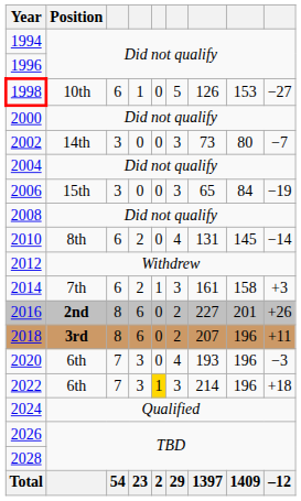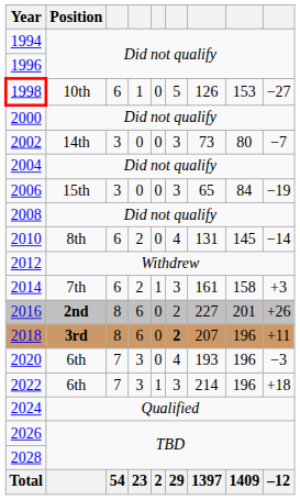 <table class="wikitable" style="text-align: center;">
 <tr>
 <th>Year</th>
 <th>Position</th>
 <th></th>
 <th></th>
 <th></th>
 <th></th>
 <th></th>
 <th></th>
 <th></th>
 </tr>
 <tr>
 <td> <a href='#'>1994</a></td>
 <td colspan=8 rowspan=2><em>Did not qualify</em></td>
 </tr>
 <tr>
 <td> <a href='#'>1996</a></td>
 </tr>
 <tr>
 <td style="border: 3px solid red"> <a href='#'>1998</a></td>
 <td>10th</td>
 <td>6</td>
 <td>1</td>
 <td>0</td>
 <td>5</td>
 <td>126</td>
 <td>153</td>
 <td>−27</td>
 </tr>
 <tr>
 <td> <a href='#'>2000</a></td>
 <td colspan=8><em>Did not qualify</em></td>
 </tr>
 <tr>
 <td> <a href='#'>2002</a></td>
 <td>14th</td>
 <td>3</td>
 <td>0</td>
 <td>0</td>
 <td>3</td>
 <td>73</td>
 <td>80</td>
 <td>−7</td>
 </tr>
 <tr>
 <td> <a href='#'>2004</a></td>
 <td colspan=8><em>Did not qualify</em></td>
 </tr>
 <tr>
 <td> <a href='#'>2006</a></td>
 <td>15th</td>
 <td>3</td>
 <td>0</td>
 <td>0</td>
 <td>3</td>
 <td>65</td>
 <td>84</td>
 <td>−19</td>
 </tr>
 <tr>
 <td> <a href='#'>2008</a></td>
 <td colspan=8><em>Did not qualify</em></td>
 </tr>
 <tr>
 <td> <a href='#'>2010</a></td>
 <td>8th</td>
 <td>6</td>
 <td>2</td>
 <td>0</td>
 <td>4</td>
 <td>131</td>
 <td>145</td>
 <td>−14</td>
 </tr>
 <tr>
 <td> <a href='#'>2012</a></td>
 <td colspan=8><em>Withdrew</em></td>
 </tr>
 <tr>
 <td> <a href='#'>2014</a></td>
 <td>7th</td>
 <td>6</td>
 <td>2</td>
 <td>1</td>
 <td>3</td>
 <td>161</td>
 <td>158</td>
 <td>+3</td>
 </tr>
 <tr bgcolor=silver>
 <td> <a href='#'>2016</a></td>
 <td><strong>2nd</strong> </td>
 <td>8</td>
 <td>6</td>
 <td>0</td>
 <td>2</td>
 <td>227</td>
 <td>201</td>
 <td>+26</td>
 </tr>
 <tr bgcolor=cc9966>
 <td> <a href='#'>2018</a></td>
 <td><strong>3rd</strong> </td>
 <td>8</td>
 <td>6</td>
 <td>0</td>
-<td>2</td>
+<td><strong>2</strong></td>
 <td>207</td>
 <td>196</td>
 <td>+11</td>
 </tr>
 <tr>
 <td> <a href='#'>2020</a></td>
 <td>6th</td>
 <td>7</td>
 <td>3</td>
 <td>0</td>
 <td>4</td>
 <td>193</td>
 <td>196</td>
 <td>−3</td>
 </tr>
 <tr>
 <td> <a href='#'>2022</a></td>
 <td>6th</td>
 <td>7</td>
 <td>3</td>
-<td style="background: gold;">1</td>
+<td>1</td>
 <td>3</td>
 <td>214</td>
 <td>196</td>
 <td>+18</td>
 </tr>
 <tr>
 <td> <a href='#'>2024</a></td>
 <td colspan=8><em>Qualified</em></td>
 </tr>
 <tr>
 <td> <a href='#'>2026</a></td>
 <td colspan=8 rowspan=2><em>TBD</em></td>
 </tr>
 <tr>
 <td> <a href='#'>2028</a></td>
 </tr>
 <tr>
 <th>Total</th>
 <th></th>
 <th>54</th>
 <th>23</th>
 <th>2</th>
 <th>29</th>
 <th>1397</th>
 <th>1409</th>
 <th>–12</th>
 </tr>
 </table>
